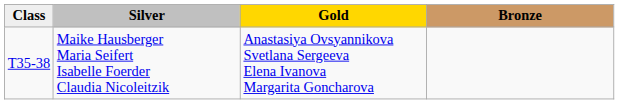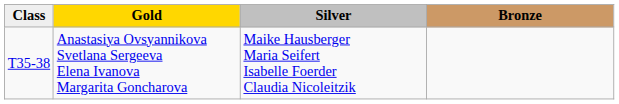 <table class="wikitable" style="text-align:left">
 <tr align="center">
 <td bgcolor=efefef><strong>Class</strong></td>
+<td width=200 bgcolor=gold><strong>Gold</strong></td>
 <td width=200 bgcolor=silver><strong>Silver</strong></td>
-<td width=200 bgcolor=gold><strong>Gold</strong></td>
 <td width=200 bgcolor=CC9966><strong>Bronze</strong></td>
 </tr>
 <tr>
 <td><a href='#'>T35-38</a></td>
+<td><a href='#'>Anastasiya Ovsyannikova</a><br><a href='#'>Svetlana Sergeeva</a><br><a href='#'>Elena Ivanova</a><br><a href='#'>Margarita Goncharova</a><br></td>
 <td><a href='#'>Maike Hausberger</a><br><a href='#'>Maria Seifert</a><br><a href='#'>Isabelle Foerder</a><br><a href='#'>Claudia Nicoleitzik</a><br></td>
-<td><a href='#'>Anastasiya Ovsyannikova</a><br><a href='#'>Svetlana Sergeeva</a><br><a href='#'>Elena Ivanova</a><br><a href='#'>Margarita Goncharova</a><br></td>
 <td></td>
 </tr>
 </table>
